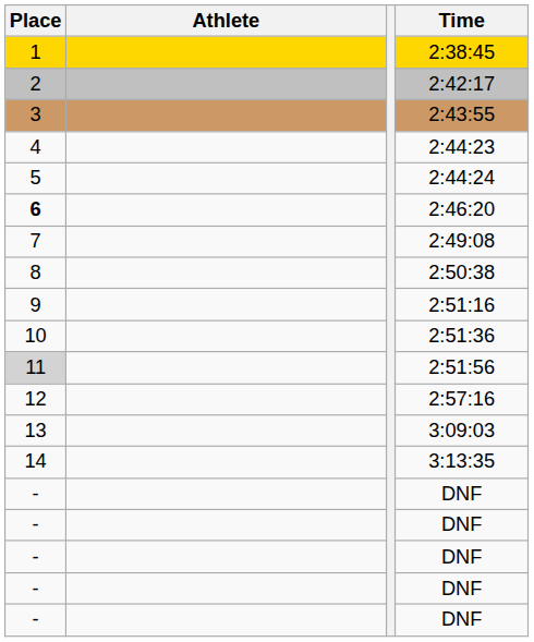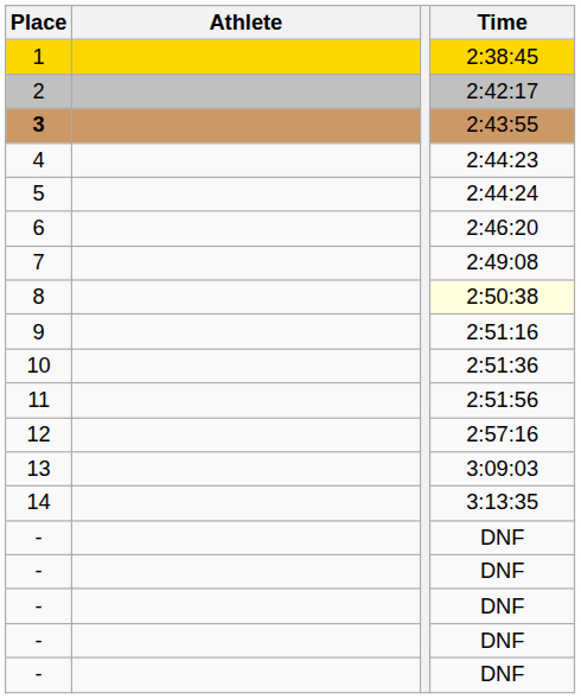 <table class="wikitable" style="text-align:center">
 <tr>
 <th>Place</th>
 <th width=250>Athlete</th>
 <th rowspan=20></th>
 <th width=100>Time</th>
 </tr>
 <tr bgcolor=gold>
 <td>1</td>
 <td style="text-align:left"></td>
 <td>2:38:45</td>
 </tr>
 <tr bgcolor=silver>
 <td>2</td>
 <td style="text-align:left"></td>
 <td>2:42:17</td>
 </tr>
 <tr bgcolor=cc9966>
-<td>3</td>
+<td><strong>3</strong></td>
 <td style="text-align:left"></td>
 <td>2:43:55</td>
 </tr>
 <tr>
 <td>4</td>
 <td style="text-align:left"></td>
 <td>2:44:23</td>
 </tr>
 <tr>
 <td>5</td>
 <td style="text-align:left"></td>
 <td>2:44:24</td>
 </tr>
 <tr>
-<td><strong>6</strong></td>
+<td>6</td>
 <td style="text-align:left"></td>
 <td>2:46:20</td>
 </tr>
 <tr>
 <td>7</td>
 <td style="text-align:left"></td>
 <td>2:49:08</td>
 </tr>
 <tr>
 <td>8</td>
 <td style="text-align:left"></td>
-<td>2:50:38</td>
+<td style="background: lightyellow;">2:50:38</td>
 </tr>
 <tr>
 <td>9</td>
 <td style="text-align:left"></td>
 <td>2:51:16</td>
 </tr>
 <tr>
 <td>10</td>
 <td style="text-align:left"></td>
 <td>2:51:36</td>
 </tr>
 <tr>
-<td style="background: lightgrey;">11</td>
+<td>11</td>
 <td style="text-align:left"></td>
 <td>2:51:56</td>
 </tr>
 <tr>
 <td>12</td>
 <td style="text-align:left"></td>
 <td>2:57:16</td>
 </tr>
 <tr>
 <td>13</td>
 <td style="text-align:left"></td>
 <td>3:09:03</td>
 </tr>
 <tr>
 <td>14</td>
 <td style="text-align:left"></td>
 <td>3:13:35</td>
 </tr>
 <tr>
 <td>-</td>
 <td style="text-align:left"></td>
 <td>DNF</td>
 </tr>
 <tr>
 <td>-</td>
 <td style="text-align:left"></td>
 <td>DNF</td>
 </tr>
 <tr>
 <td>-</td>
 <td style="text-align:left"></td>
 <td>DNF</td>
 </tr>
 <tr>
 <td>-</td>
 <td style="text-align:left"></td>
 <td>DNF</td>
 </tr>
 <tr>
 <td>-</td>
 <td style="text-align:left"></td>
 <td>DNF</td>
 </tr>
 </table>
